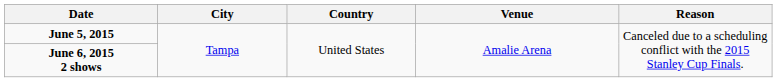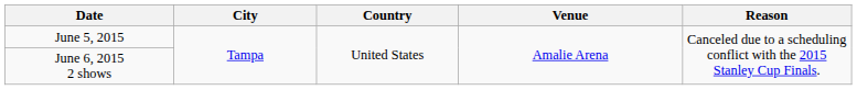 <table class="wikitable" style="text-align:center;">
 <tr>
 <th scope="col" style="width:12em;">Date</th>
 <th scope="col" style="width:10em;">City</th>
 <th scope="col" style="width:10em;">Country</th>
 <th scope="col" style="width:16em;">Venue</th>
 <th scope="col" style="width:12em;">Reason</th>
 </tr>
 <tr>
-<td><strong>June 5, 2015</strong></td>
+<td>June 5, 2015</td>
 <td rowspan="2"><a href='#'>Tampa</a></td>
 <td rowspan="2">United States</td>
 <td rowspan="2"><a href='#'>Amalie Arena</a></td>
 <td rowspan="2">Canceled due to a scheduling conflict with the <a href='#'>2015 Stanley Cup Finals</a>.</td>
 </tr>
 <tr>
-<td><strong>June 6, 2015<br>2 shows</strong></td>
+<td>June 6, 2015<br>2 shows</td>
 </tr>
 </table>
